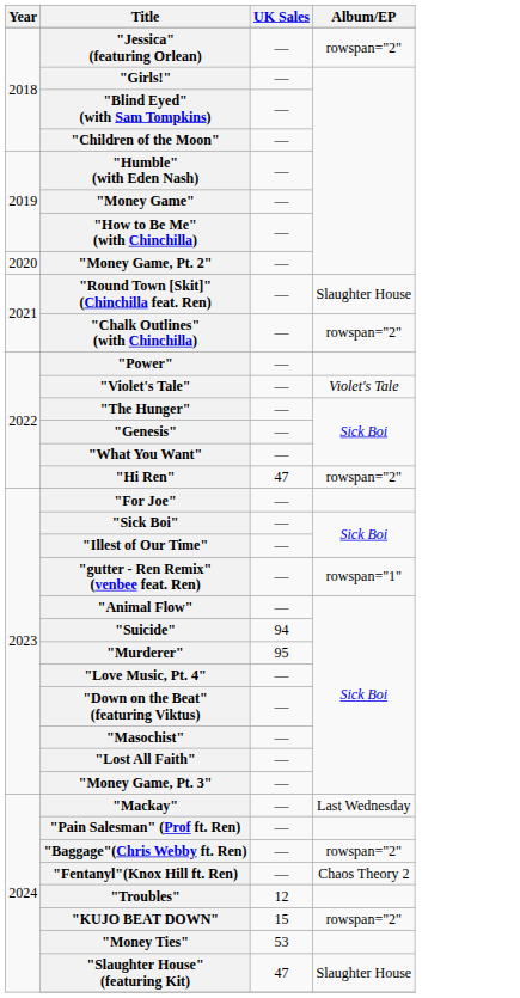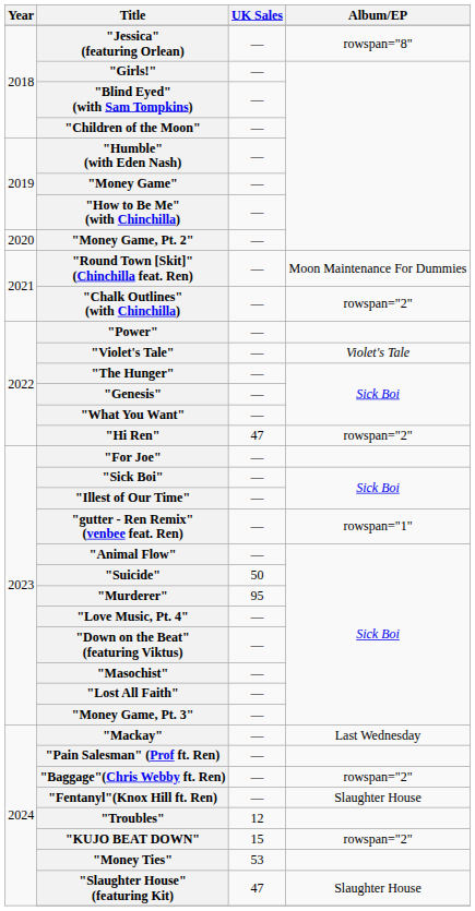 <table class="wikitable plainrowheaders" style="text-align:center;">
 <tr>
 <th scope="col">Year</th>
 <th scope="col">Title</th>
 <th scope="col"><a href='#'>UK Sales</a><br></th>
 <th scope="col">Album/EP</th>
 </tr>
 <tr>
 </tr>
 <tr>
 <td rowspan="4">2018</td>
 <th scope="row">"Jessica"<br><span>(featuring Orlean)</span></th>
 <td>—</td>
-<td>rowspan="2"</td>
+<td>rowspan="8" </td>
 </tr>
 <tr>
 <th scope="row">"Girls!"</th>
 <td>—</td>
 </tr>
 <tr>
 <th scope="row">"Blind Eyed"<br><span>(with <a href='#'>Sam Tompkins</a>)</span></th>
 <td>—</td>
 </tr>
 <tr>
 <th scope="row">"Children of the Moon"</th>
 <td>—</td>
 </tr>
 <tr>
 <td rowspan="3">2019</td>
 <th scope="row">"Humble"<br><span>(with Eden Nash)</span></th>
 <td>—</td>
 </tr>
 <tr>
 <th scope="row">"Money Game"</th>
 <td>—</td>
 </tr>
 <tr>
 <th scope="row">"How to Be Me"<br><span>(with <a href='#'>Chinchilla</a>)</span></th>
 <td>—</td>
 </tr>
 <tr>
 <td rowspan="1">2020</td>
 <th scope="row">"Money Game, Pt. 2"</th>
 <td>—</td>
 </tr>
 <tr>
 <td rowspan="2">2021</td>
 <th scope="row">"Round Town [Skit]"<br><span>(<a href='#'>Chinchilla</a> feat. Ren)</span></th>
 <td>—</td>
-<td rowspan="1">Slaughter House</td>
+<td rowspan="1">Moon Maintenance For Dummies</td>
 </tr>
 <tr>
 <th scope="row">"Chalk Outlines"<br><span>(with <a href='#'>Chinchilla</a>)</span></th>
 <td>—</td>
 <td>rowspan="2"</td>
 </tr>
 <tr>
 <td rowspan="6">2022</td>
 <th scope="row">"Power"</th>
 <td>—</td>
 </tr>
 <tr>
 <th scope="row">"Violet's Tale"</th>
 <td>—</td>
 <td><em>Violet's Tale</em></td>
 </tr>
 <tr>
 <th scope="row">"The Hunger"</th>
 <td>—</td>
 <td rowspan="3"><em><a href='#'>Sick Boi</a></em></td>
 </tr>
 <tr>
 <th scope="row">"Genesis"</th>
 <td>—</td>
 </tr>
 <tr>
 <th scope="row">"What You Want"</th>
 <td>—</td>
 </tr>
 <tr>
 <th scope="row">"Hi Ren"</th>
 <td>47</td>
 <td>rowspan="2"</td>
 </tr>
 <tr>
 <td rowspan="12">2023</td>
 <th scope="row">"For Joe"</th>
 <td>—</td>
 </tr>
 <tr>
 <th scope="row">"Sick Boi"</th>
 <td>—</td>
 <td rowspan="2"><em><a href='#'>Sick Boi</a></em></td>
 </tr>
 <tr>
 <th scope="row">"Illest of Our Time"</th>
 <td>—</td>
 </tr>
 <tr>
 <th scope="row">"gutter - Ren Remix"<br><span>(<a href='#'>venbee</a> feat. Ren)</span></th>
 <td>—</td>
 <td>rowspan="1"</td>
 </tr>
 <tr>
 <th scope="row">"Animal Flow"</th>
 <td>—</td>
 <td rowspan="8"><em><a href='#'>Sick Boi</a></em></td>
 </tr>
 <tr>
 <th scope="row">"Suicide"</th>
-<td>94</td>
+<td>50</td>
 </tr>
 <tr>
 <th scope="row">"Murderer"</th>
 <td>95</td>
 </tr>
 <tr>
 <th scope="row">"Love Music, Pt. 4"</th>
 <td>—</td>
 </tr>
 <tr>
 <th scope="row">"Down on the Beat"<br><span>(featuring Viktus)</span></th>
 <td>—</td>
 </tr>
 <tr>
 <th scope="row">"Masochist"</th>
 <td>—</td>
 </tr>
 <tr>
 <th scope="row">"Lost All Faith"</th>
 <td>—</td>
 </tr>
 <tr>
 <th scope="row">"Money Game, Pt. 3"</th>
 <td>—</td>
 </tr>
 <tr>
 <td rowspan="9">2024</td>
 <th scope="row">"Mackay"</th>
 <td>—</td>
 <td rowspan="1">Last Wednesday</td>
 </tr>
 <tr>
 <th scope="row">"Pain Salesman" (<a href='#'>Prof</a> ft. Ren)</th>
 <td>—</td>
 </tr>
 <tr>
 <th scope="row">"Baggage"(<a href='#'>Chris Webby</a> ft. Ren)</th>
 <td>—</td>
 <td>rowspan="2" </td>
 </tr>
 <tr>
 <th scope="row">"Fentanyl"(Knox Hill ft. Ren)</th>
 <td>—</td>
-<td rowspan="1">Chaos Theory 2</td>
+<td rowspan="1">Slaughter House</td>
 </tr>
 <tr>
 <th scope="row">"Troubles"</th>
 <td>12</td>
 <td></td>
 </tr>
 <tr>
 <th scope="row">"KUJO BEAT DOWN"</th>
 <td>15</td>
 <td>rowspan="2" </td>
 </tr>
 <tr>
 <th scope="row">"Money Ties"</th>
 <td>53</td>
 </tr>
 <tr>
 <th scope='row'>"Slaughter House"<br><span>(featuring Kit)</span></th>
 <td>47</td>
 <td rowspan="1">Slaughter House</td>
 </tr>
 <tr>
 </tr>
 </table>
